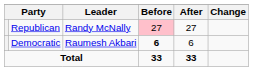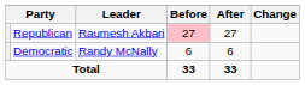 <table class="wikitable" style="text-align:center;">
 <tr>
 </tr>
 <tr>
 <th colspan="2">Party</th>
 <th>Leader</th>
 <th style="width:3em">Before</th>
 <th style="width:3em">After</th>
 <th style="width:3em">Change</th>
 </tr>
 <tr>
 <th style="background-color:"></th>
 <td style="text-align:left;"><a href='#'>Republican</a></td>
-<td style="text-align:left;"><a href='#'>Randy McNally</a></td>
+<td style="text-align:left;"><a href='#'>Raumesh Akbari</a></td>
 <td style="background: pink;">27</td>
 <td>27</td>
 <td></td>
 </tr>
 <tr>
 <th style="background-color:"></th>
 <td style="text-align:left;"><a href='#'>Democratic</a></td>
-<td style="text-align:left;"><a href='#'>Raumesh Akbari</a></td>
-<td><strong>6</strong></td>
+<td style="text-align:left;"><a href='#'>Randy McNally</a></td>
+<td>6</td>
 <td>6</td>
 <td></td>
 </tr>
 <tr>
 <td colspan="3"><strong>Total</strong></td>
 <td><strong>33</strong></td>
 <td><strong>33</strong></td>
 <td></td>
 </tr>
 </table>
